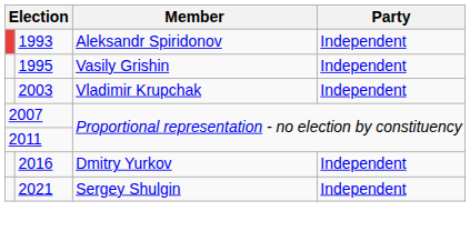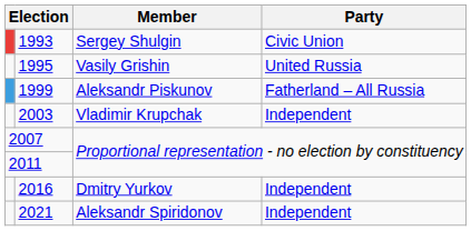 <table class="wikitable">
 <tr>
 <th colspan="2">Election</th>
 <th>Member</th>
 <th>Party</th>
 </tr>
 <tr>
 <td style="background-color:#EA3C38"></td>
 <td><a href='#'>1993</a></td>
-<td><a href='#'>Aleksandr Spiridonov</a></td>
-<td><a href='#'>Independent</a></td>
+<td><a href='#'>Sergey Shulgin</a></td>
+<td><a href='#'>Civic Union</a></td>
 </tr>
 <tr>
 <td style="background-color:"></td>
 <td><a href='#'>1995</a></td>
 <td><a href='#'>Vasily Grishin</a></td>
-<td><a href='#'>Independent</a></td>
+<td><a href='#'>United Russia</a></td>
+</tr>
+<tr>
+<td style="background-color:#3B9EDF"></td>
+<td><a href='#'>1999</a></td>
+<td><a href='#'>Aleksandr Piskunov</a></td>
+<td><a href='#'>Fatherland – All Russia</a></td>
 </tr>
 <tr>
 <td style="background-color:"></td>
 <td><a href='#'>2003</a></td>
 <td><a href='#'>Vladimir Krupchak</a></td>
 <td><a href='#'>Independent</a></td>
 </tr>
 <tr>
 <td colspan=2><a href='#'>2007</a></td>
 <td colspan=2 rowspan=2><em><a href='#'>Proportional representation</a> - no election by constituency</em></td>
 </tr>
 <tr>
 <td colspan=2><a href='#'>2011</a></td>
 </tr>
 <tr>
 <td style="background-color: "></td>
 <td><a href='#'>2016</a></td>
 <td><a href='#'>Dmitry Yurkov</a></td>
 <td><a href='#'>Independent</a></td>
 </tr>
 <tr>
 <td style="background-color: "></td>
 <td><a href='#'>2021</a></td>
-<td><a href='#'>Sergey Shulgin</a></td>
+<td><a href='#'>Aleksandr Spiridonov</a></td>
 <td><a href='#'>Independent</a></td>
 </tr>
 </table>
